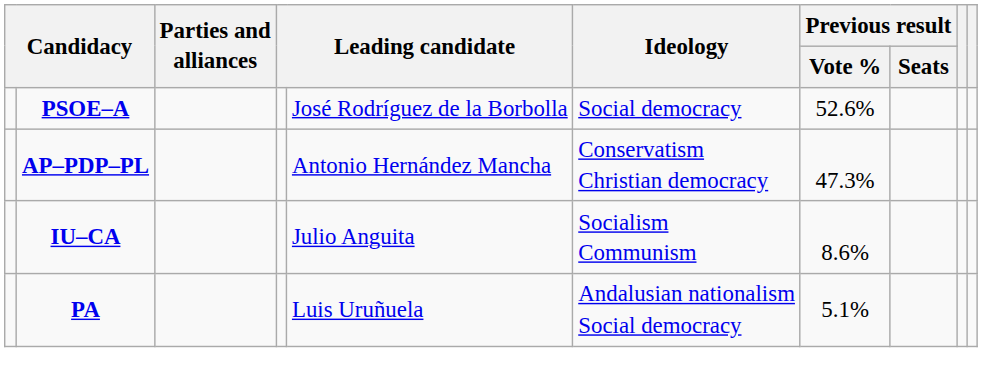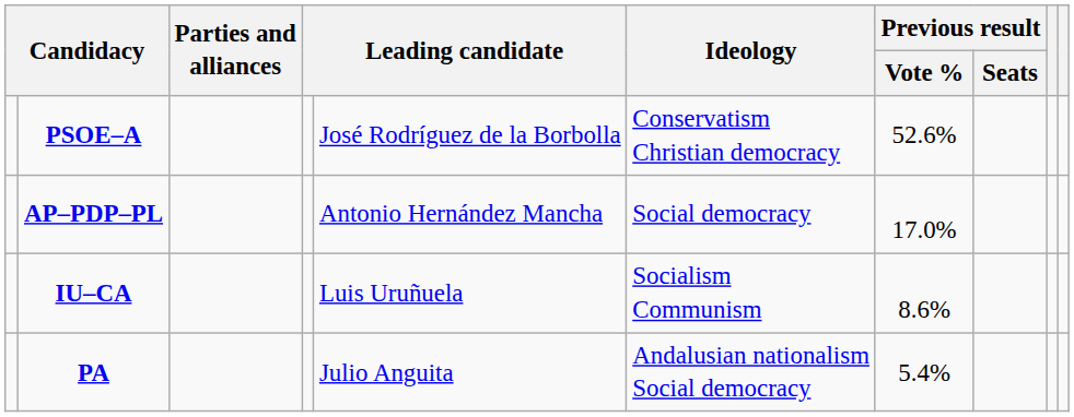 <table class="wikitable" style="line-height:1.35em; text-align:left;">
 <tr>
 <th colspan="2" rowspan="2">Candidacy</th>
 <th rowspan="2">Parties and<br>alliances</th>
 <th colspan="2" rowspan="2">Leading candidate</th>
 <th rowspan="2">Ideology</th>
 <th colspan="2">Previous result</th>
 <th rowspan="2"></th>
 <th rowspan="2"></th>
 </tr>
 <tr>
 <th>Vote %</th>
 <th>Seats</th>
 </tr>
 <tr>
 <td width="1" style="color:inherit;background:"></td>
 <td align="center"><strong><a href='#'>PSOE–A</a></strong></td>
 <td></td>
 <td></td>
 <td><a href='#'>José Rodríguez de la Borbolla</a></td>
-<td><a href='#'>Social democracy</a></td>
+<td><a href='#'>Conservatism</a><br><a href='#'>Christian democracy</a></td>
 <td align="center">52.6%</td>
 <td></td>
 <td></td>
 <td></td>
 </tr>
 <tr>
 <td style="color:inherit;background:"></td>
 <td align="center"><strong><a href='#'>AP–PDP–PL</a></strong></td>
 <td></td>
 <td></td>
 <td><a href='#'>Antonio Hernández Mancha</a></td>
-<td><a href='#'>Conservatism</a><br><a href='#'>Christian democracy</a></td>
-<td align="center"><br>47.3%<br></td>
+<td><a href='#'>Social democracy</a></td>
+<td align="center"><br>17.0%<br></td>
 <td></td>
 <td></td>
 <td></td>
 </tr>
 <tr>
 <td style="color:inherit;background:"></td>
 <td align="center"><strong><a href='#'>IU–CA</a></strong></td>
 <td></td>
 <td></td>
-<td><a href='#'>Julio Anguita</a></td>
+<td><a href='#'>Luis Uruñuela</a></td>
 <td><a href='#'>Socialism</a><br><a href='#'>Communism</a></td>
 <td align="center"><br>8.6%<br></td>
 <td></td>
 <td></td>
 <td></td>
 </tr>
 <tr>
 <td style="color:inherit;background:"></td>
 <td align="center"><strong><a href='#'>PA</a></strong></td>
 <td></td>
 <td></td>
-<td><a href='#'>Luis Uruñuela</a></td>
+<td><a href='#'>Julio Anguita</a></td>
 <td><a href='#'>Andalusian nationalism</a><br><a href='#'>Social democracy</a></td>
-<td align="center">5.1%</td>
+<td align="center">5.4%</td>
 <td></td>
 <td></td>
 <td></td>
 </tr>
 </table>
